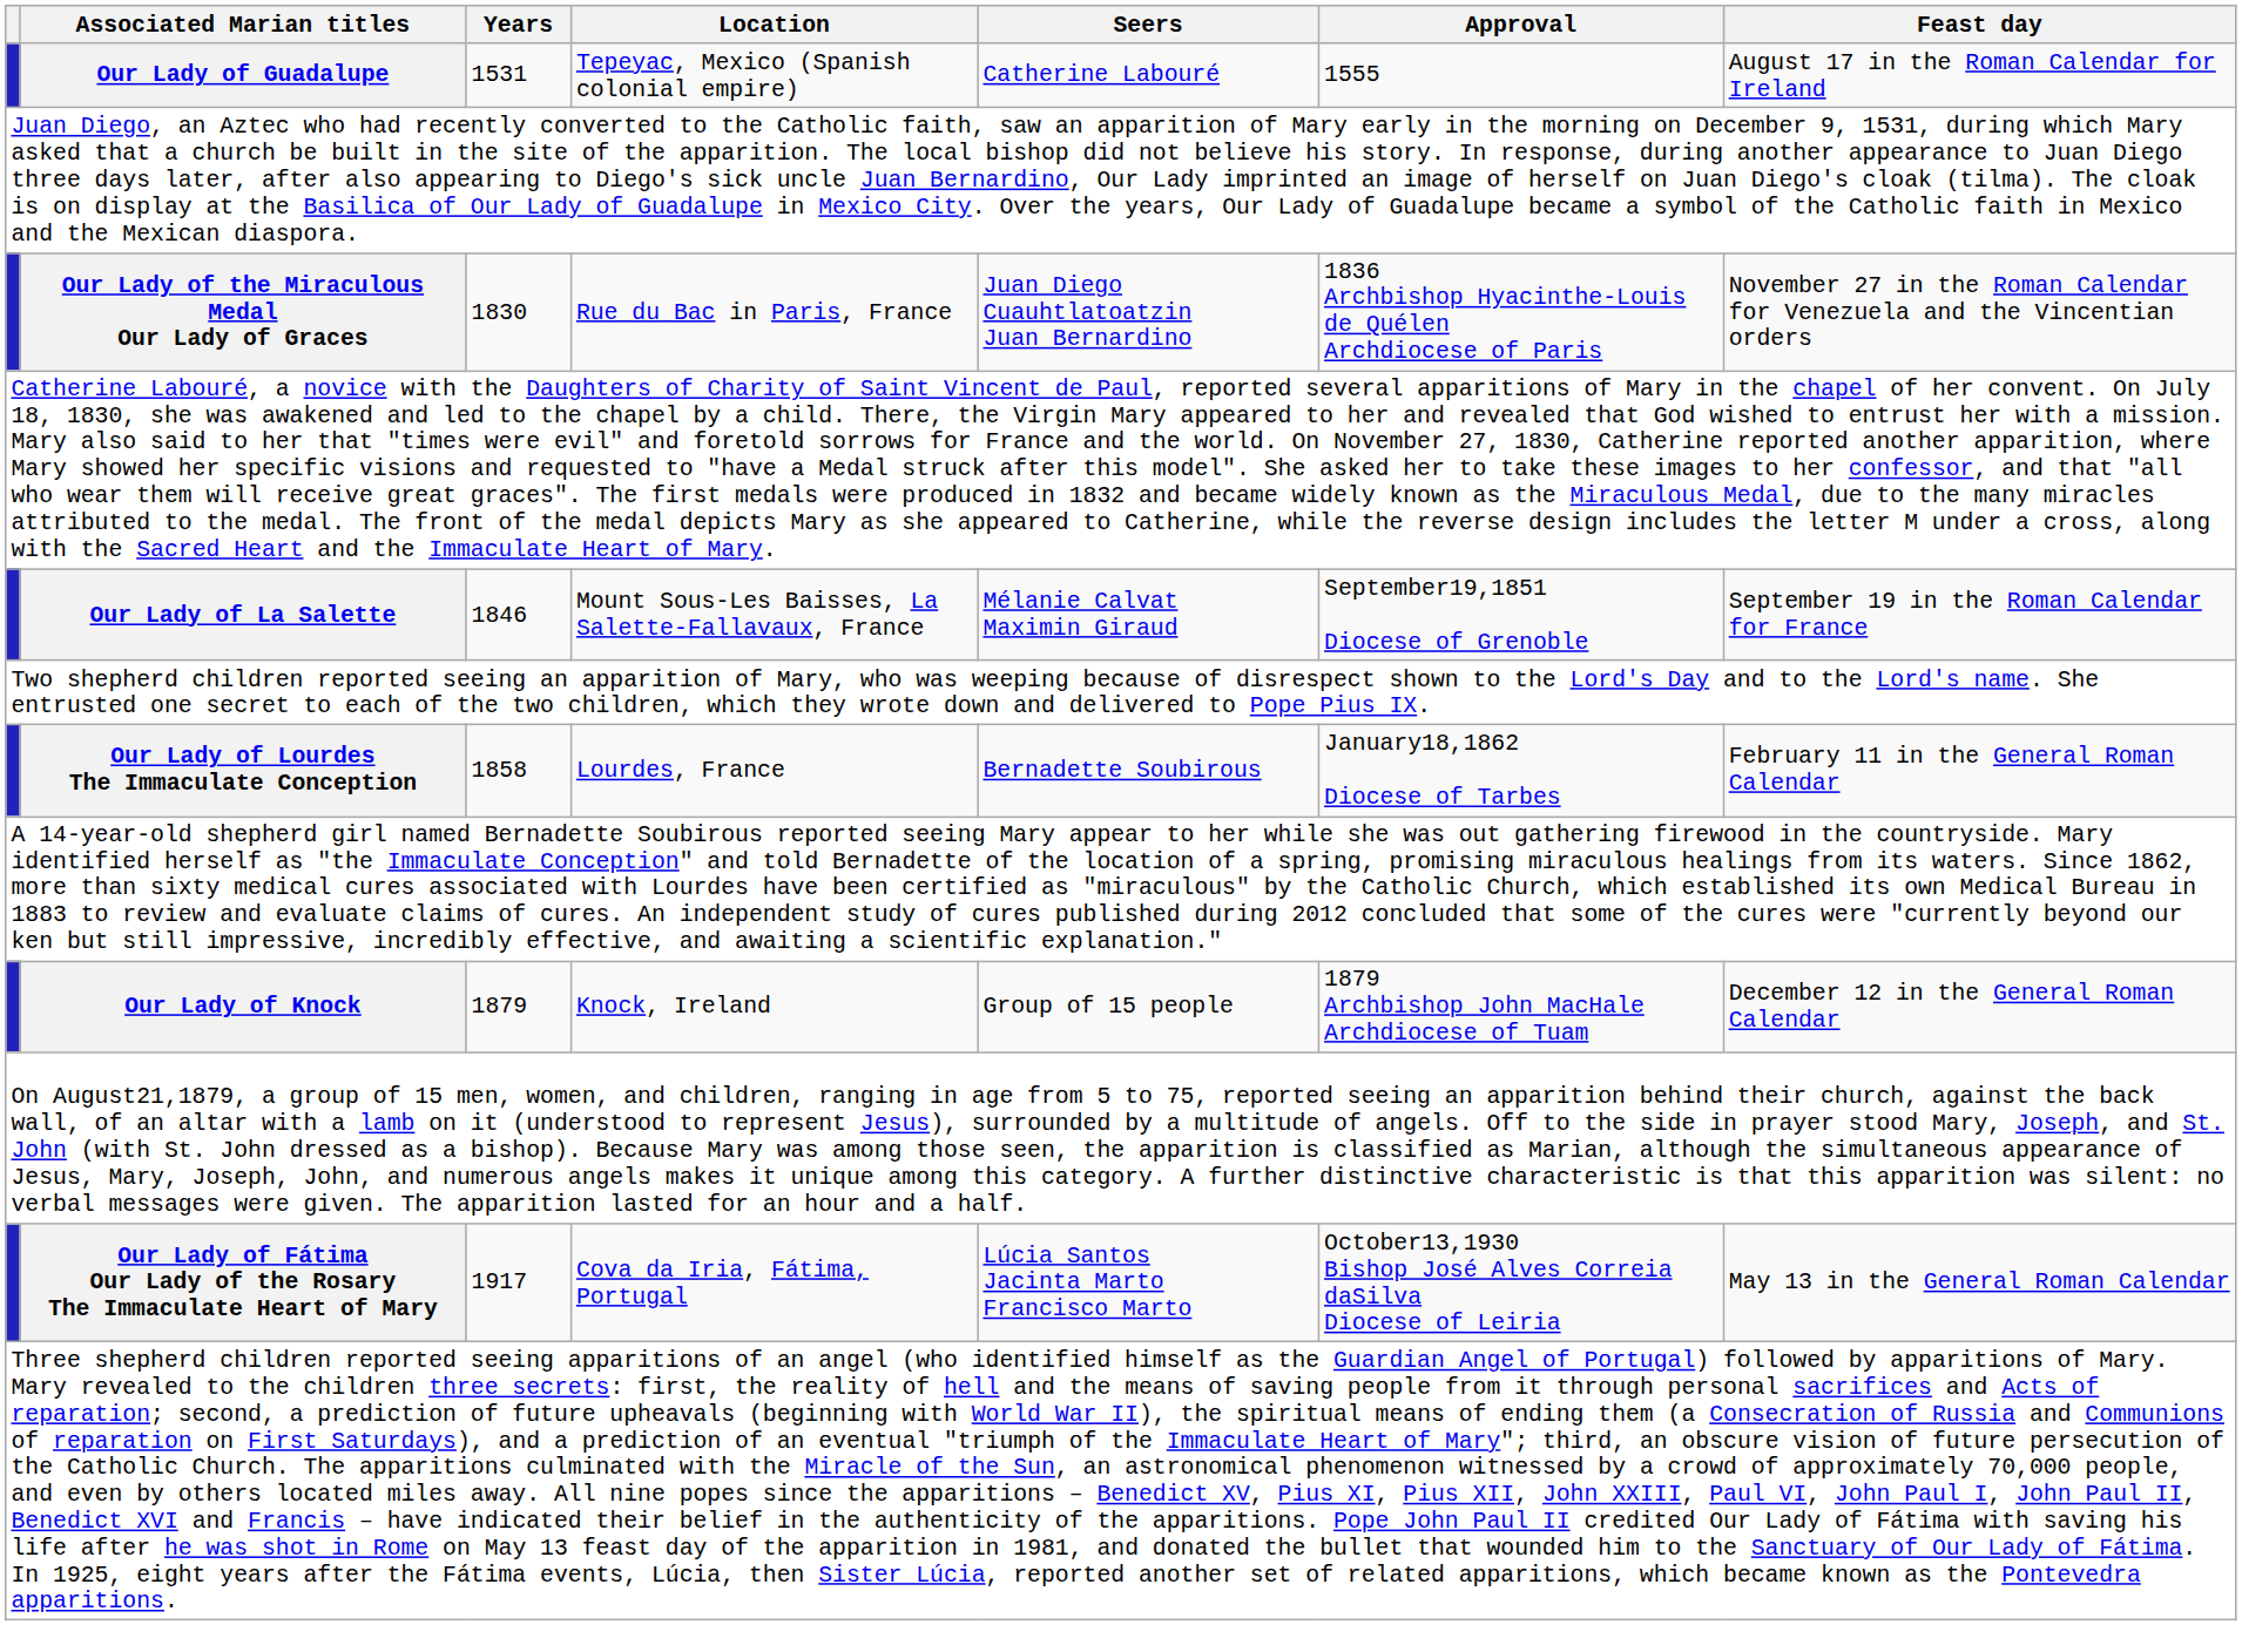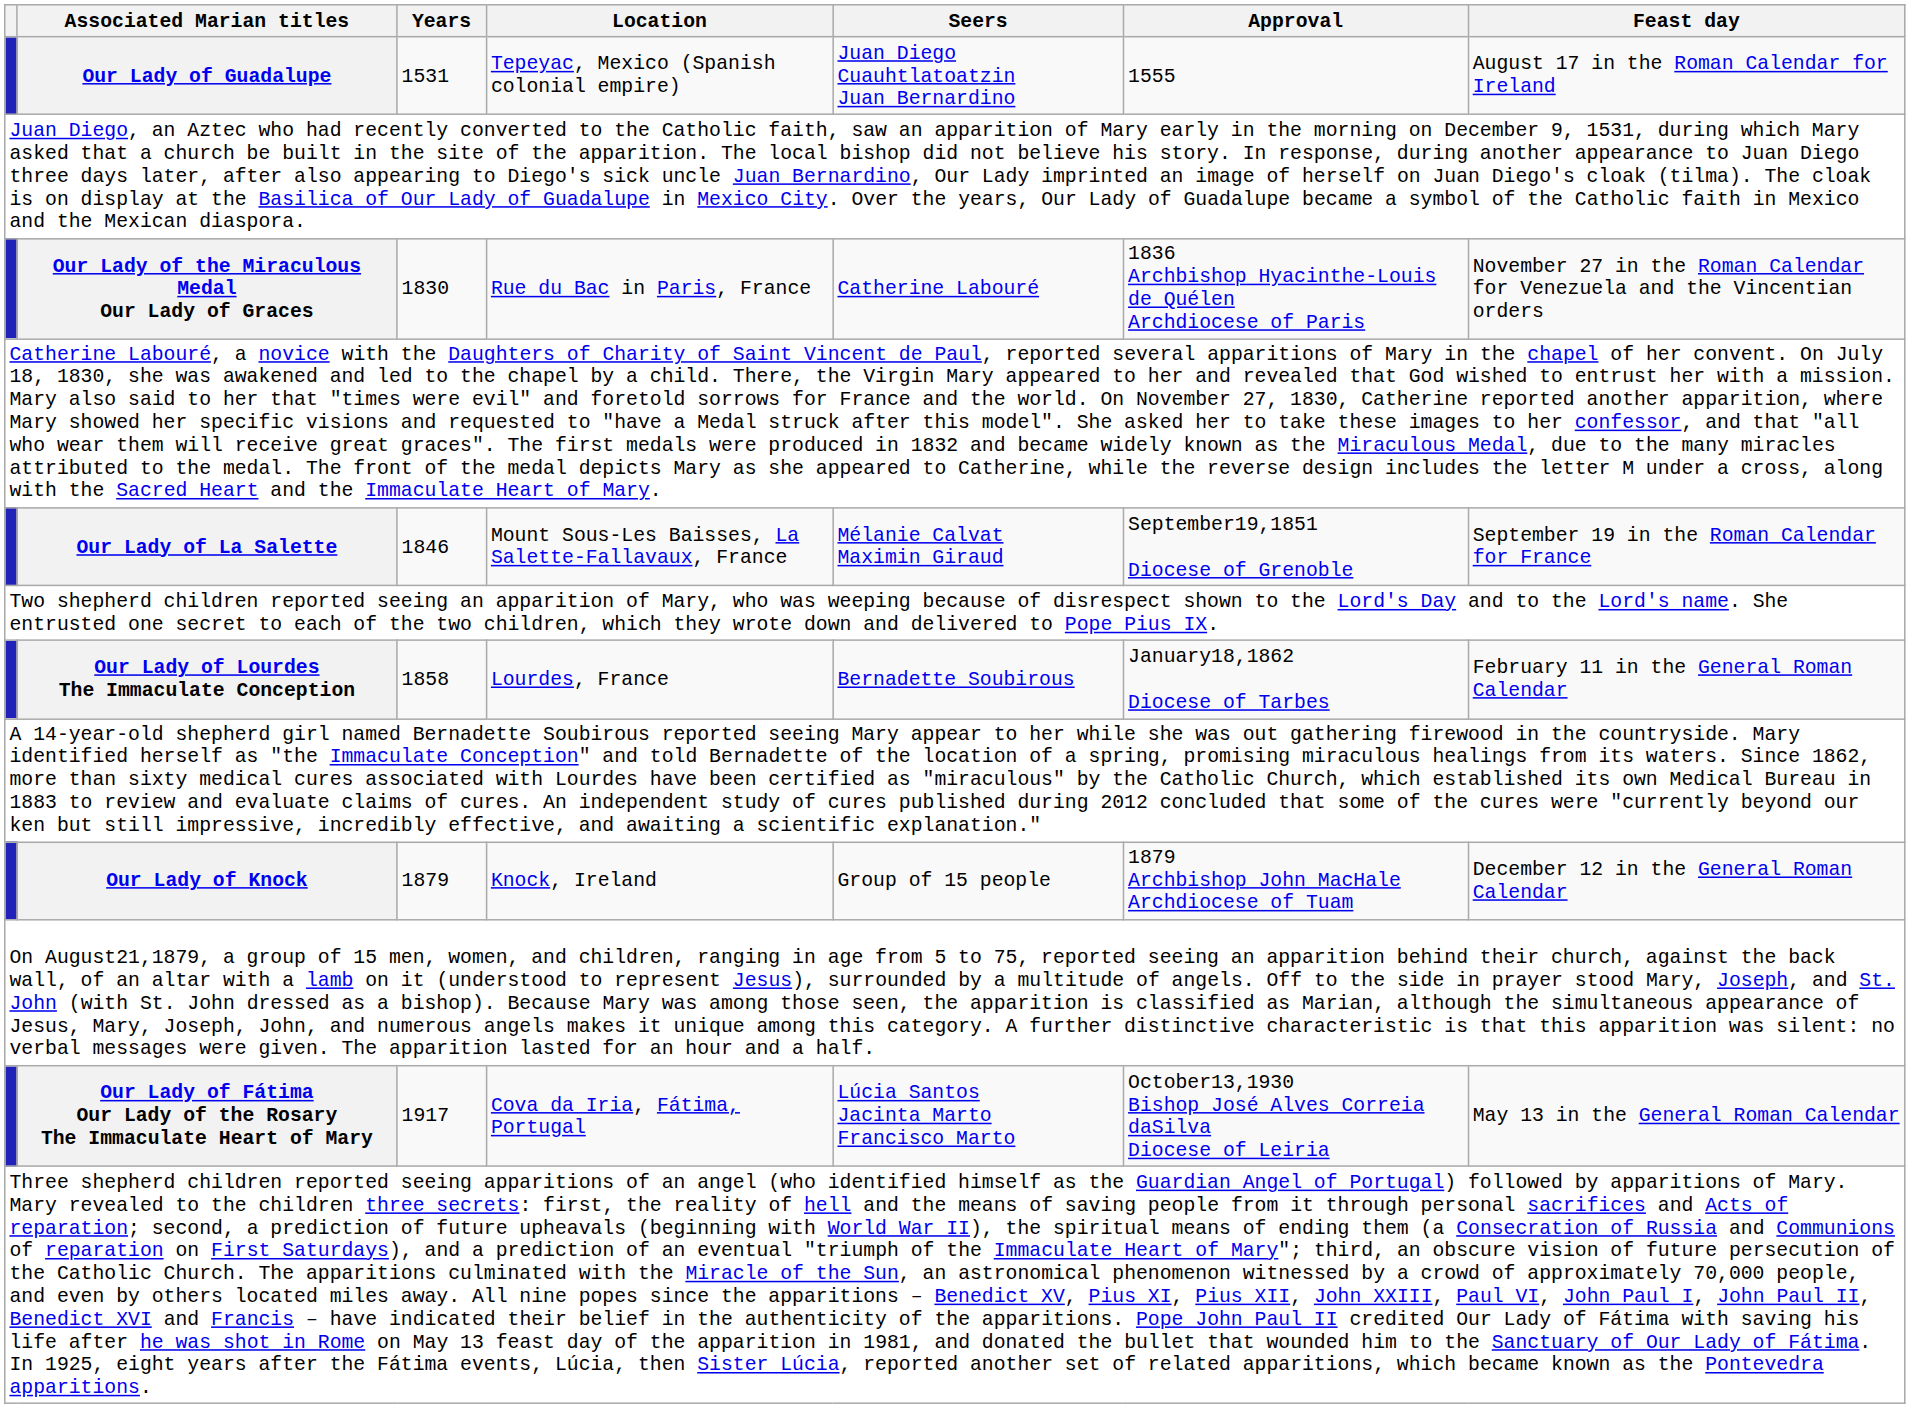 <table class="wikitable plainrowheaders sortable">
 <tr>
 <th class="unsortable" style="padding:0;width:7px"></th>
 <th scope="col" width="20%">Associated Marian titles</th>
 <th scope="col">Years</th>
 <th scope="col">Location</th>
 <th scope="col">Seers</th>
 <th scope="col">Approval</th>
 <th scope="col">Feast day</th>
 </tr>
 <tr id="Guadalupe">
 <td style="background-color:#22b;padding:0" title="Approved, with widespread liturgical veneration"></td>
 <th data-sort-value="Guadalupe" scope="row"><strong><a href='#'>Our Lady of Guadalupe</a></strong></th>
 <td>1531</td>
 <td data-sort-value="Mexico Tepeyac"> <a href='#'>Tepeyac</a>, Mexico (Spanish colonial empire)</td>
-<td data-sort-value="1 Labouré Catherine"><a href='#'>Catherine Labouré</a></td>
+<td data-sort-value="2 Cuauhtlatoatzin Juan Diego"><a href='#'>Juan Diego Cuauhtlatoatzin</a><br><a href='#'>Juan Bernardino</a></td>
 <td data-sort-value="1555">1555</td>
 <td data-sort-value="08-17">August 17 in the <a href='#'>Roman Calendar for Ireland</a></td>
 </tr>
 <tr class="expand-child">
 <td colspan="7" class="description" style="background: white;"><a href='#'>Juan Diego</a>, an Aztec who had recently converted to the Catholic faith, saw an apparition of Mary early in the morning on December 9, 1531, during which Mary asked that a church be built in the site of the apparition. The local bishop did not believe his story. In response, during another appearance to Juan Diego three days later, after also appearing to Diego's sick uncle <a href='#'>Juan Bernardino</a>, Our Lady imprinted an image of herself on Juan Diego's cloak (tilma). The cloak is on display at the <a href='#'>Basilica of Our Lady of Guadalupe</a> in <a href='#'>Mexico City</a>. Over the years, Our Lady of Guadalupe became a symbol of the Catholic faith in Mexico and the Mexican diaspora.</td>
 </tr>
 <tr id="Miraculous_Medal">
 <td style="background-color:#22b;padding:0" title="Approved, with widespread liturgical veneration"></td>
 <th data-sort-value="Miraculous Medal" scope="row"><strong><a href='#'>Our Lady of the Miraculous Medal</a></strong><br>Our Lady of Graces</th>
 <td>1830</td>
 <td data-sort-value="France Paris"> <a href='#'>Rue du Bac</a> in <a href='#'>Paris</a>, France</td>
-<td data-sort-value="2 Cuauhtlatoatzin Juan Diego"><a href='#'>Juan Diego Cuauhtlatoatzin</a><br><a href='#'>Juan Bernardino</a></td>
+<td data-sort-value="1 Labouré Catherine"><a href='#'>Catherine Labouré</a></td>
 <td data-sort-value="1836">1836<br><a href='#'>Archbishop Hyacinthe-Louis de Quélen</a><br><a href='#'>Archdiocese of Paris</a></td>
 <td data-sort-value="11–27">November 27 in the <a href='#'>Roman Calendar</a> for Venezuela and the Vincentian orders</td>
 </tr>
 <tr class="expand-child">
 <td colspan="7" class="description" style="background: white;"><a href='#'>Catherine Labouré</a>, a <a href='#'>novice</a> with the <a href='#'>Daughters of Charity of Saint Vincent de Paul</a>, reported several apparitions of Mary in the <a href='#'>chapel</a> of her convent. On July 18, 1830, she was awakened and led to the chapel by a child. There, the Virgin Mary appeared to her and revealed that God wished to entrust her with a mission. Mary also said to her that "times were evil" and foretold sorrows for France and the world. On November 27, 1830, Catherine reported another apparition, where Mary showed her specific visions and requested to "have a Medal struck after this model". She asked her to take these images to her <a href='#'>confessor</a>, and that "all who wear them will receive great graces". The first medals were produced in 1832 and became widely known as the <a href='#'>Miraculous Medal</a>, due to the many miracles attributed to the medal. The front of the medal depicts Mary as she appeared to Catherine, while the reverse design includes the letter M under a cross, along with the <a href='#'>Sacred Heart</a> and the <a href='#'>Immaculate Heart of Mary</a>.</td>
 </tr>
 <tr id="La_Salette">
 <td style="background-color:#22b;padding:0" title="Approved, with widespread liturgical veneration"></td>
 <th data-sort-value="La Salette" scope="row"><strong><a href='#'>Our Lady of La Salette</a></strong></th>
 <td>1846</td>
 <td data-sort-value="France La Salette"> Mount Sous-Les Baisses, <a href='#'>La Salette-Fallavaux</a>, France</td>
 <td data-sort-value="2 Calvat Mélanie"><a href='#'>Mélanie Calvat</a><br><a href='#'>Maximin Giraud</a></td>
 <td data-sort-value="1851-09-19">September19,1851<br><br><a href='#'>Diocese of Grenoble</a></td>
 <td data-sort-value="09-19">September 19 in the <a href='#'>Roman Calendar for France</a></td>
 </tr>
 <tr class="expand-child">
 <td colspan="7" class="description" style="background: white;">Two shepherd children reported seeing an apparition of Mary, who was weeping because of disrespect shown to the <a href='#'>Lord's Day</a> and to the <a href='#'>Lord's name</a>. She entrusted one secret to each of the two children, which they wrote down and delivered to <a href='#'>Pope Pius IX</a>.</td>
 </tr>
 <tr id="Lourdes">
 <td style="background-color:#22b;padding:0" title="Approved, with widespread liturgical veneration"></td>
 <th data-sort-value="Lourdes" scope="row"><strong><a href='#'>Our Lady of Lourdes</a></strong><br>The Immaculate Conception</th>
 <td>1858</td>
 <td data-sort-value="France Lourdes"> <a href='#'>Lourdes</a>, France</td>
 <td data-sort-value="1 Soubirous Bernadette"><a href='#'>Bernadette Soubirous</a></td>
 <td data-sort-value="1862-01-18">January18,1862<br><br><a href='#'>Diocese of Tarbes</a></td>
 <td data-sort-value="02-11">February 11 in the <a href='#'>General Roman Calendar</a></td>
 </tr>
 <tr class="expand-child">
 <td colspan="7" class="description" style="background: white;">A 14-year-old shepherd girl named Bernadette Soubirous reported seeing Mary appear to her while she was out gathering firewood in the countryside. Mary identified herself as "the <a href='#'>Immaculate Conception</a>" and told Bernadette of the location of a spring, promising miraculous healings from its waters. Since 1862, more than sixty medical cures associated with Lourdes have been certified as "miraculous" by the Catholic Church, which established its own Medical Bureau in 1883 to review and evaluate claims of cures. An independent study of cures published during 2012 concluded that some of the cures were "currently beyond our ken but still impressive, incredibly effective, and awaiting a scientific explanation."</td>
 </tr>
 <tr id="Knock">
 <td style="background-color:#22b;padding:0" title="Approved, with widespread liturgical veneration"></td>
 <th data-sort-value="Knock" scope="row"><strong><a href='#'>Our Lady of Knock</a></strong></th>
 <td>1879</td>
 <td data-sort-value="Ireland Knock"> <a href='#'>Knock</a>, Ireland</td>
 <td data-sort-value="15">Group of 15 people</td>
 <td data-sort-value="1879-10">1879<br><a href='#'>Archbishop John MacHale</a><br><a href='#'>Archdiocese of Tuam</a></td>
 <td data-sort-value="12-12">December 12 in the <a href='#'>General Roman Calendar</a></td>
 </tr>
 <tr class="expand-child">
 <td colspan="7" class="description" style="background: white;"><br>On August21,1879, a group of 15 men, women, and children, ranging in age from 5 to 75, reported seeing an apparition behind their church, against the back wall, of an altar with a <a href='#'>lamb</a> on it (understood to represent <a href='#'>Jesus</a>), surrounded by a multitude of angels. Off to the side in prayer stood Mary, <a href='#'>Joseph</a>, and <a href='#'>St. John</a> (with St. John dressed as a bishop). Because Mary was among those seen, the apparition is classified as Marian, although the simultaneous appearance of Jesus, Mary, Joseph, John, and numerous angels makes it unique among this category. A further distinctive characteristic is that this apparition was silent: no verbal messages were given. The apparition lasted for an hour and a half.</td>
 </tr>
 <tr id="Fátima">
 <td style="background-color:#22b;padding:0" title="Approved, with widespread liturgical veneration"></td>
 <th data-sort-value="Fatima" scope="row"><strong><a href='#'>Our Lady of Fátima</a></strong><br>Our Lady of the Rosary<br>The Immaculate Heart of Mary</th>
 <td>1917</td>
 <td data-sort-value="Portugal Fatima"> <a href='#'>Cova da Iria</a>, <a href='#'>Fátima, Portugal</a></td>
 <td data-sort-value="3 Santos Lucia"><a href='#'>Lúcia Santos</a><br><a href='#'>Jacinta Marto</a><br><a href='#'>Francisco Marto</a></td>
 <td data-sort-value="1930-10-13">October13,1930<br><a href='#'>Bishop José Alves Correia daSilva</a><br><a href='#'>Diocese of Leiria</a></td>
 <td data-sort-value="05-13">May 13 in the <a href='#'>General Roman Calendar</a></td>
 </tr>
 <tr class="expand-child">
 <td colspan="7" class="description" style="background: white;">Three shepherd children reported seeing apparitions of an angel (who identified himself as the <a href='#'>Guardian Angel of Portugal</a>) followed by apparitions of Mary. Mary revealed to the children <a href='#'>three secrets</a>: first, the reality of <a href='#'>hell</a> and the means of saving people from it through personal <a href='#'>sacrifices</a> and <a href='#'>Acts of reparation</a>; second, a prediction of future upheavals (beginning with <a href='#'>World War II</a>), the spiritual means of ending them (a <a href='#'>Consecration of Russia</a> and <a href='#'>Communions</a> of <a href='#'>reparation</a> on <a href='#'>First Saturdays</a>), and a prediction of an eventual "triumph of the <a href='#'>Immaculate Heart of Mary</a>"; third, an obscure vision of future persecution of the Catholic Church. The apparitions culminated with the <a href='#'>Miracle of the Sun</a>, an astronomical phenomenon witnessed by a crowd of approximately 70,000 people, and even by others located miles away. All nine popes since the apparitions – <a href='#'>Benedict XV</a>, <a href='#'>Pius XI</a>, <a href='#'>Pius XII</a>, <a href='#'>John XXIII</a>, <a href='#'>Paul VI</a>, <a href='#'>John Paul I</a>, <a href='#'>John Paul II</a>, <a href='#'>Benedict XVI</a> and <a href='#'>Francis</a> – have indicated their belief in the authenticity of the apparitions. <a href='#'>Pope John Paul II</a> credited Our Lady of Fátima with saving his life after <a href='#'>he was shot in Rome</a> on May 13 feast day of the apparition in 1981, and donated the bullet that wounded him to the <a href='#'>Sanctuary of Our Lady of Fátima</a>. In 1925, eight years after the Fátima events, Lúcia, then <a href='#'>Sister Lúcia</a>, reported another set of related apparitions, which became known as the <a href='#'>Pontevedra apparitions</a>.</td>
 </tr>
 </table>
